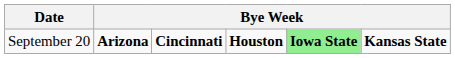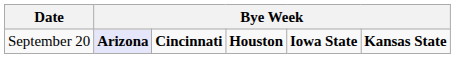 <table class="wikitable" style="font-size:95%;">
 <tr>
 <th>Date</th>
 <th colspan="5">Bye Week</th>
 </tr>
 <tr>
 <td>September 20</td>
-<td><strong>Arizona</strong></td>
+<td style="background: lavender;"><strong>Arizona</strong></td>
 <td><strong>Cincinnati</strong></td>
 <td><strong>Houston</strong></td>
-<td style="background: lightgreen;"><strong>Iowa State</strong></td>
+<td><strong>Iowa State</strong></td>
 <td><strong>Kansas State</strong></td>
 </tr>
 </table>
